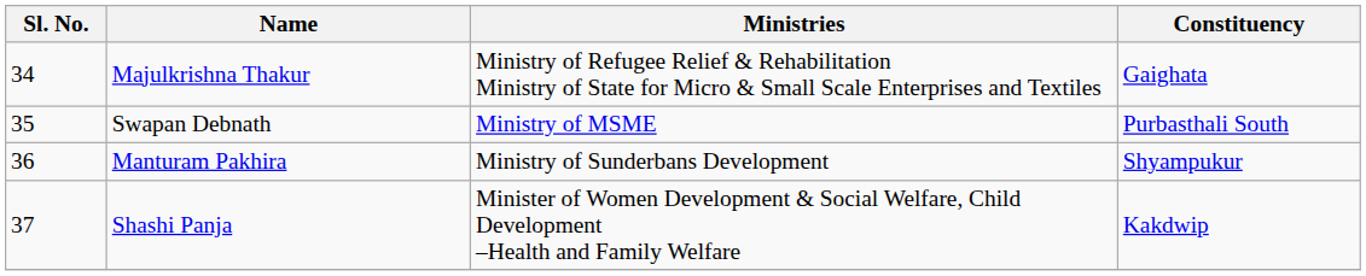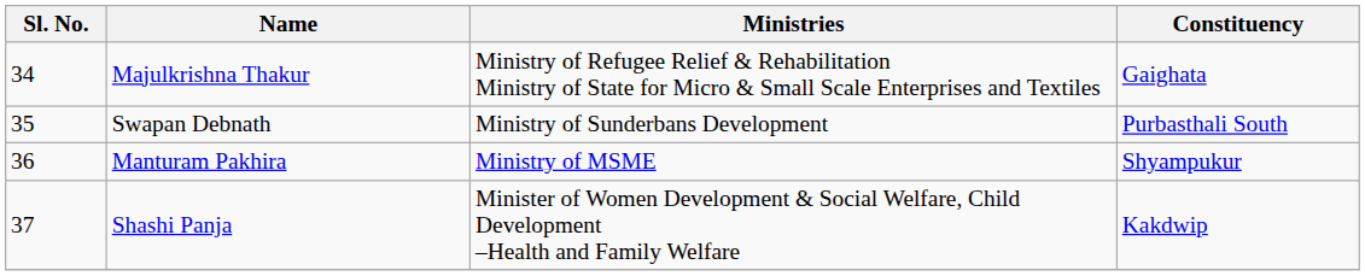 <table class="wikitable" style="width:58em; align:left">
 <tr>
 <th style="width:5%;">Sl. No.</th>
 <th style="width:18%;">Name</th>
 <th style="width:32%;">Ministries</th>
 <th style="width:12%;">Constituency</th>
 </tr>
 <tr>
 <td>34</td>
 <td><a href='#'>Majulkrishna Thakur</a></td>
 <td>Ministry of Refugee Relief & Rehabilitation<br>Ministry of State for Micro & Small Scale Enterprises and Textiles</td>
 <td><a href='#'>Gaighata</a></td>
 </tr>
 <tr>
 <td>35</td>
 <td>Swapan Debnath</td>
-<td><a href='#'>Ministry of MSME</a></td>
+<td>Ministry of Sunderbans Development</td>
 <td><a href='#'>Purbasthali South</a></td>
 </tr>
 <tr>
 <td>36</td>
 <td><a href='#'>Manturam Pakhira</a></td>
-<td>Ministry of Sunderbans Development</td>
+<td><a href='#'>Ministry of MSME</a></td>
 <td><a href='#'>Shyampukur</a></td>
 </tr>
 <tr>
 <td>37</td>
 <td><a href='#'>Shashi Panja</a> </td>
 <td>Minister of Women Development & Social Welfare, Child Development<br>–Health and Family Welfare</td>
 <td><a href='#'>Kakdwip</a></td>
 </tr>
 <tr>
 </tr>
 </table>
